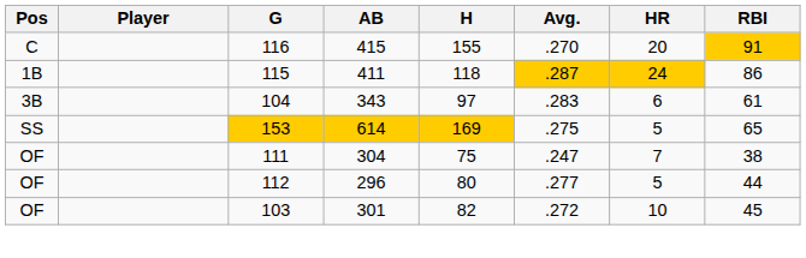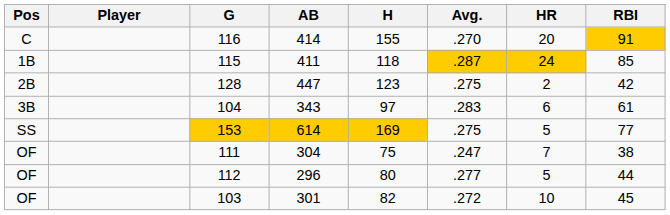 <table class="wikitable sortable">
 <tr>
 <th bgcolor="#DDDDFF" width="5%">Pos</th>
 <th bgcolor="#DDDDFF" width="16%">Player</th>
 <th bgcolor="#DDDDFF" width="9%">G</th>
 <th bgcolor="#DDDDFF" width="9%">AB</th>
 <th bgcolor="#DDDDFF" width="9%">H</th>
 <th bgcolor="#DDDDFF" width="9%">Avg.</th>
 <th bgcolor="#DDDDFF" width="9%">HR</th>
 <th bgcolor="#DDDDFF" width="9%">RBI</th>
 </tr>
 <tr align="center">
 <td>C</td>
 <td></td>
 <td>116</td>
-<td>415</td>
+<td>414</td>
 <td>155</td>
 <td>.270</td>
 <td>20</td>
 <td style="background:#fc0;">91</td>
 </tr>
 <tr align="center">
 <td>1B</td>
 <td></td>
 <td>115</td>
 <td>411</td>
 <td>118</td>
 <td style="background:#fc0;">.287</td>
 <td style="background:#fc0;">24</td>
-<td>86</td>
+<td>85</td>
+</tr>
+<tr align="center">
+<td>2B</td>
+<td></td>
+<td>128</td>
+<td>447</td>
+<td>123</td>
+<td>.275</td>
+<td>2</td>
+<td>42</td>
 </tr>
 <tr align="center">
 <td>3B</td>
 <td></td>
 <td>104</td>
 <td>343</td>
 <td>97</td>
 <td>.283</td>
 <td>6</td>
 <td>61</td>
 </tr>
 <tr align="center">
 <td>SS</td>
 <td></td>
 <td style="background:#fc0;">153</td>
 <td style="background:#fc0;">614</td>
 <td style="background:#fc0;">169</td>
 <td>.275</td>
 <td>5</td>
-<td>65</td>
+<td>77</td>
 </tr>
 <tr align="center">
 <td>OF</td>
 <td></td>
 <td>111</td>
 <td>304</td>
 <td>75</td>
 <td>.247</td>
 <td>7</td>
 <td>38</td>
 </tr>
 <tr align="center">
 <td>OF</td>
 <td></td>
 <td>112</td>
 <td>296</td>
 <td>80</td>
 <td>.277</td>
 <td>5</td>
 <td>44</td>
 </tr>
 <tr align="center">
 <td>OF</td>
 <td></td>
 <td>103</td>
 <td>301</td>
 <td>82</td>
 <td>.272</td>
 <td>10</td>
 <td>45</td>
 </tr>
 </table>
